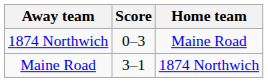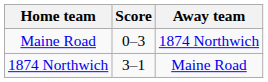 <table class="wikitable" style="text-align: center">
 <tr>
+<th>Home team</th>
+<th>Score</th>
 <th>Away team</th>
-<th>Score</th>
-<th>Home team</th>
+</tr>
+<tr>
+<td><a href='#'>Maine Road</a></td>
+<td>0–3</td>
+<td><a href='#'>1874 Northwich</a></td>
 </tr>
 <tr>
 <td><a href='#'>1874 Northwich</a></td>
-<td>0–3</td>
+<td>3–1</td>
 <td><a href='#'>Maine Road</a></td>
 </tr>
-<tr>
-<td><a href='#'>Maine Road</a></td>
-<td>3–1</td>
-<td><a href='#'>1874 Northwich</a></td>
-</tr>
 </table>
